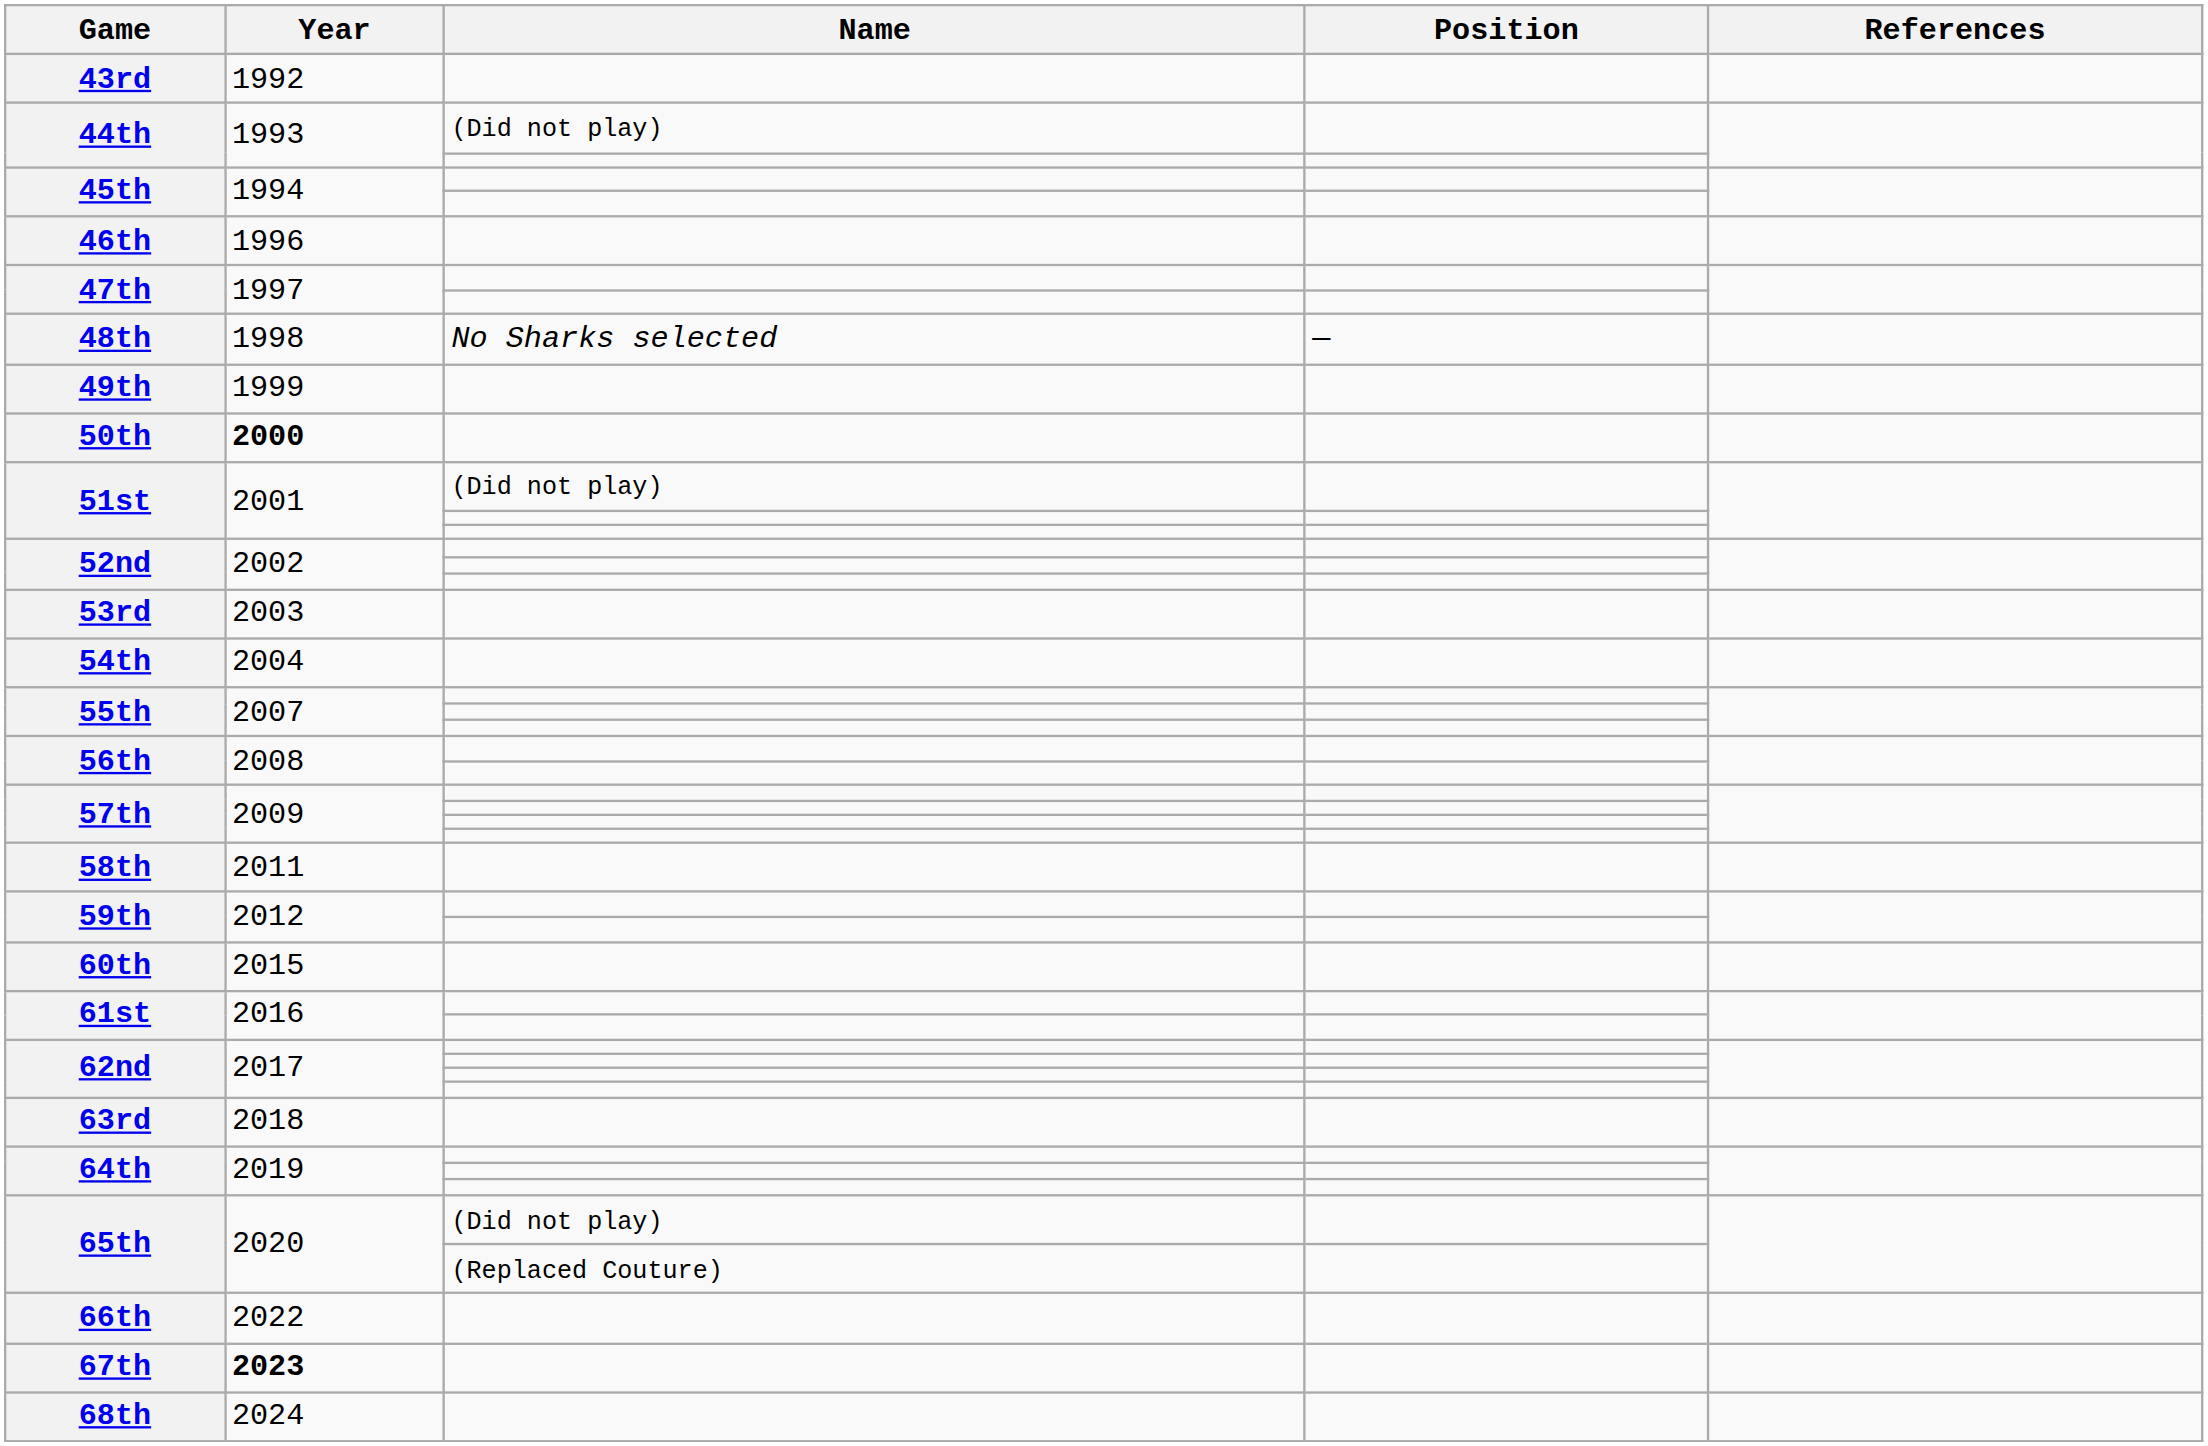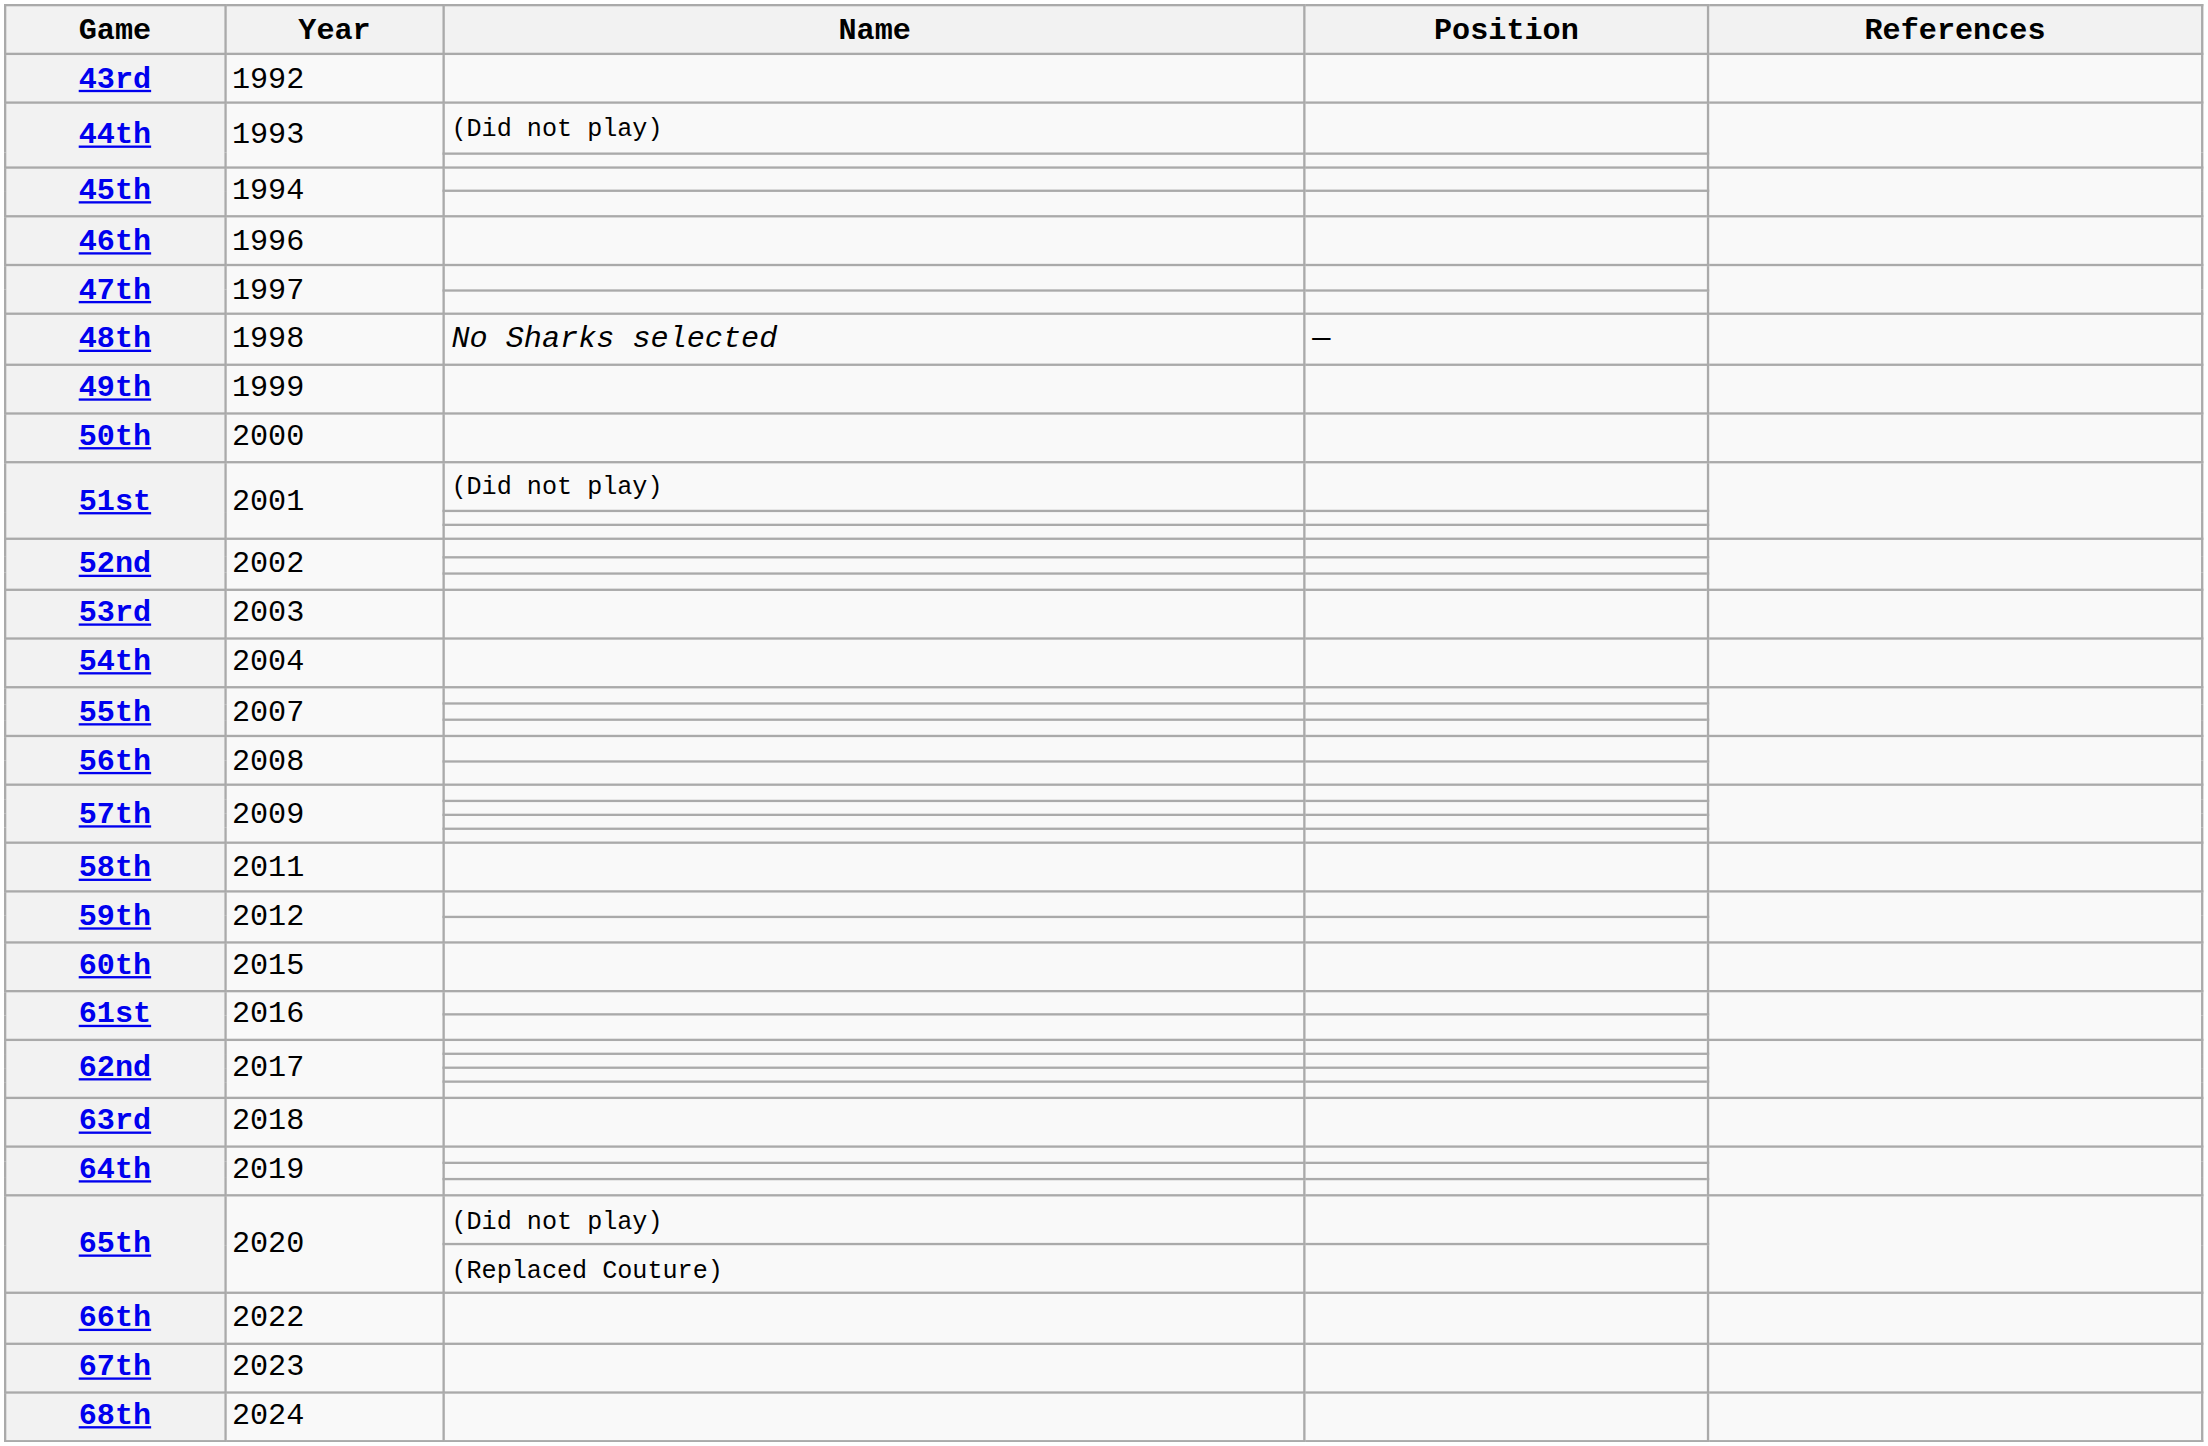 <table class="wikitable sortable" width="75%">
 <tr>
 <th scope="col">Game</th>
 <th scope="col">Year</th>
 <th scope="col">Name</th>
 <th scope="col">Position</th>
 <th scope="col" class="unsortable">References</th>
 </tr>
 <tr>
 <th scope="row"><a href='#'>43rd</a></th>
 <td>1992</td>
 <td></td>
 <td></td>
 <td></td>
 </tr>
 <tr>
 <th scope="row" rowspan="2"><a href='#'>44th</a></th>
 <td rowspan="2">1993</td>
 <td> <small>(Did not play)</small></td>
 <td></td>
 <td rowspan="2"></td>
 </tr>
 <tr>
 <td></td>
 <td></td>
 </tr>
 <tr>
 <th scope="row" rowspan="2"><a href='#'>45th</a></th>
 <td rowspan="2">1994</td>
 <td></td>
 <td></td>
 <td rowspan="2"></td>
 </tr>
 <tr>
 <td></td>
 <td></td>
 </tr>
 <tr>
 <th scope="row"><a href='#'>46th</a></th>
 <td>1996</td>
 <td></td>
 <td></td>
 <td></td>
 </tr>
 <tr>
 <th scope="row" rowspan="2"><a href='#'>47th</a></th>
 <td rowspan="2">1997</td>
 <td></td>
 <td></td>
 <td rowspan="2"></td>
 </tr>
 <tr>
 <td></td>
 <td></td>
 </tr>
 <tr>
 <th scope="row"><a href='#'>48th</a></th>
 <td>1998</td>
 <td><em>No Sharks selected</em></td>
 <td>—</td>
 <td></td>
 </tr>
 <tr>
 <th scope="row"><a href='#'>49th</a></th>
 <td>1999</td>
 <td></td>
 <td></td>
 <td></td>
 </tr>
 <tr>
 <th scope="row"><a href='#'>50th</a></th>
-<td><strong>2000</strong></td>
+<td>2000</td>
 <td></td>
 <td></td>
 <td></td>
 </tr>
 <tr>
 <th scope="row" rowspan="3"><a href='#'>51st</a></th>
 <td rowspan="3">2001</td>
 <td> <small>(Did not play)</small></td>
 <td></td>
 <td rowspan="3"></td>
 </tr>
 <tr>
 <td></td>
 <td></td>
 </tr>
 <tr>
 <td></td>
 <td></td>
 </tr>
 <tr>
 <th scope="row" rowspan="3"><a href='#'>52nd</a></th>
 <td rowspan="3">2002</td>
 <td></td>
 <td></td>
 <td rowspan="3"></td>
 </tr>
 <tr>
 <td></td>
 <td></td>
 </tr>
 <tr>
 <td></td>
 <td></td>
 </tr>
 <tr>
 <th scope="row"><a href='#'>53rd</a></th>
 <td>2003</td>
 <td></td>
 <td></td>
 <td></td>
 </tr>
 <tr>
 <th scope="row"><a href='#'>54th</a></th>
 <td>2004</td>
 <td></td>
 <td></td>
 <td></td>
 </tr>
 <tr>
 <th scope="row" rowspan="3"><a href='#'>55th</a></th>
 <td rowspan="3">2007</td>
 <td></td>
 <td></td>
 <td rowspan="3"></td>
 </tr>
 <tr>
 <td></td>
 <td></td>
 </tr>
 <tr>
 <td></td>
 <td></td>
 </tr>
 <tr>
 <th scope="row" rowspan="2"><a href='#'>56th</a></th>
 <td rowspan="2">2008</td>
 <td></td>
 <td></td>
 <td rowspan="2"></td>
 </tr>
 <tr>
 <td></td>
 <td></td>
 </tr>
 <tr>
 <th scope="row" rowspan="4"><a href='#'>57th</a></th>
 <td rowspan="4">2009</td>
 <td></td>
 <td></td>
 <td rowspan="4"></td>
 </tr>
 <tr>
 <td></td>
 <td></td>
 </tr>
 <tr>
 <td></td>
 <td></td>
 </tr>
 <tr>
 <td></td>
 <td></td>
 </tr>
 <tr>
 <th scope="row"><a href='#'>58th</a></th>
 <td>2011</td>
 <td></td>
 <td></td>
 <td></td>
 </tr>
 <tr>
 <th scope="row" rowspan="2"><a href='#'>59th</a></th>
 <td rowspan="2">2012</td>
 <td></td>
 <td></td>
 <td rowspan="2"></td>
 </tr>
 <tr>
 <td></td>
 <td></td>
 </tr>
 <tr>
 <th scope="row"><a href='#'>60th</a></th>
 <td>2015</td>
 <td></td>
 <td></td>
 <td></td>
 </tr>
 <tr>
 <th scope="row" rowspan="2"><a href='#'>61st</a></th>
 <td rowspan="2">2016</td>
 <td></td>
 <td></td>
 <td rowspan="2"></td>
 </tr>
 <tr>
 <td></td>
 <td></td>
 </tr>
 <tr>
 <th scope="row" rowspan="4"><a href='#'>62nd</a></th>
 <td rowspan="4">2017</td>
 <td></td>
 <td></td>
 <td rowspan="4"></td>
 </tr>
 <tr>
 <td></td>
 <td></td>
 </tr>
 <tr>
 <td></td>
 <td></td>
 </tr>
 <tr>
 <td></td>
 <td></td>
 </tr>
 <tr>
 <th scope="row"><a href='#'>63rd</a></th>
 <td>2018</td>
 <td></td>
 <td></td>
 <td></td>
 </tr>
 <tr>
 <th scope="row" rowspan="3"><a href='#'>64th</a></th>
 <td rowspan="3">2019</td>
 <td></td>
 <td></td>
 <td rowspan="3"></td>
 </tr>
 <tr>
 <td></td>
 <td></td>
 </tr>
 <tr>
 <td></td>
 <td></td>
 </tr>
 <tr>
 <th scope="row" rowspan="2"><a href='#'>65th</a></th>
 <td rowspan="2">2020</td>
 <td> <small>(Did not play)</small></td>
 <td></td>
 <td rowspan="2"></td>
 </tr>
 <tr>
 <td> <small>(Replaced Couture)</small></td>
 <td></td>
 </tr>
 <tr>
 <th scope="row"><a href='#'>66th</a></th>
 <td>2022</td>
 <td></td>
 <td></td>
 <td></td>
 </tr>
 <tr>
 <th scope="row"><a href='#'>67th</a></th>
-<td><strong>2023</strong></td>
+<td>2023</td>
 <td></td>
 <td></td>
 <td></td>
 </tr>
 <tr>
 <th scope="row"><a href='#'>68th</a></th>
 <td>2024</td>
 <td></td>
 <td></td>
 <td></td>
 </tr>
 </table>
